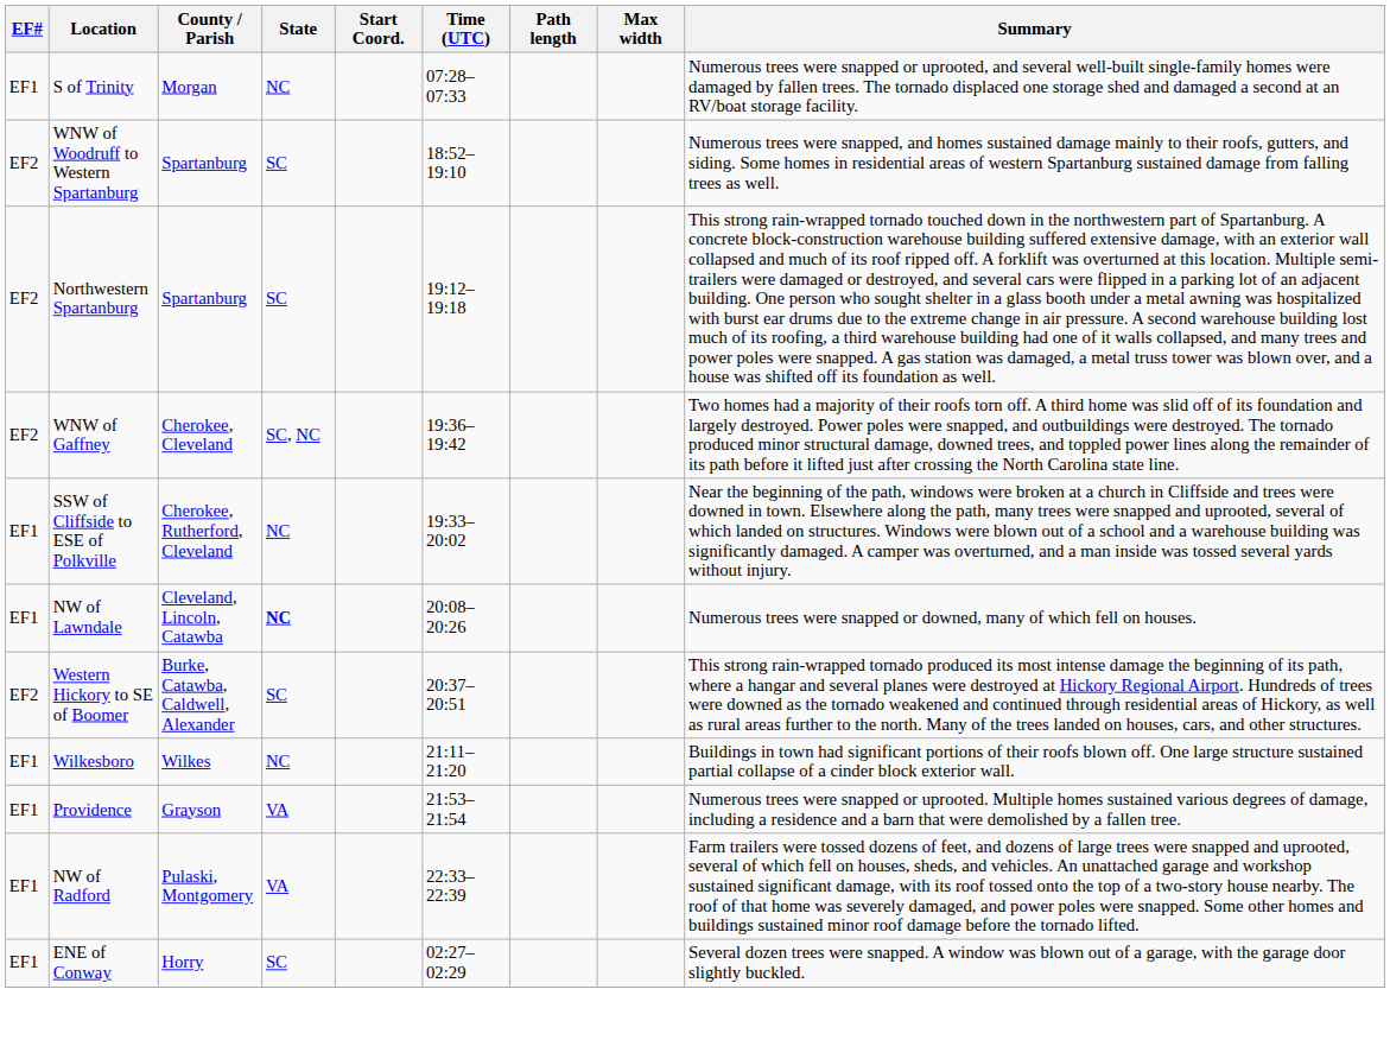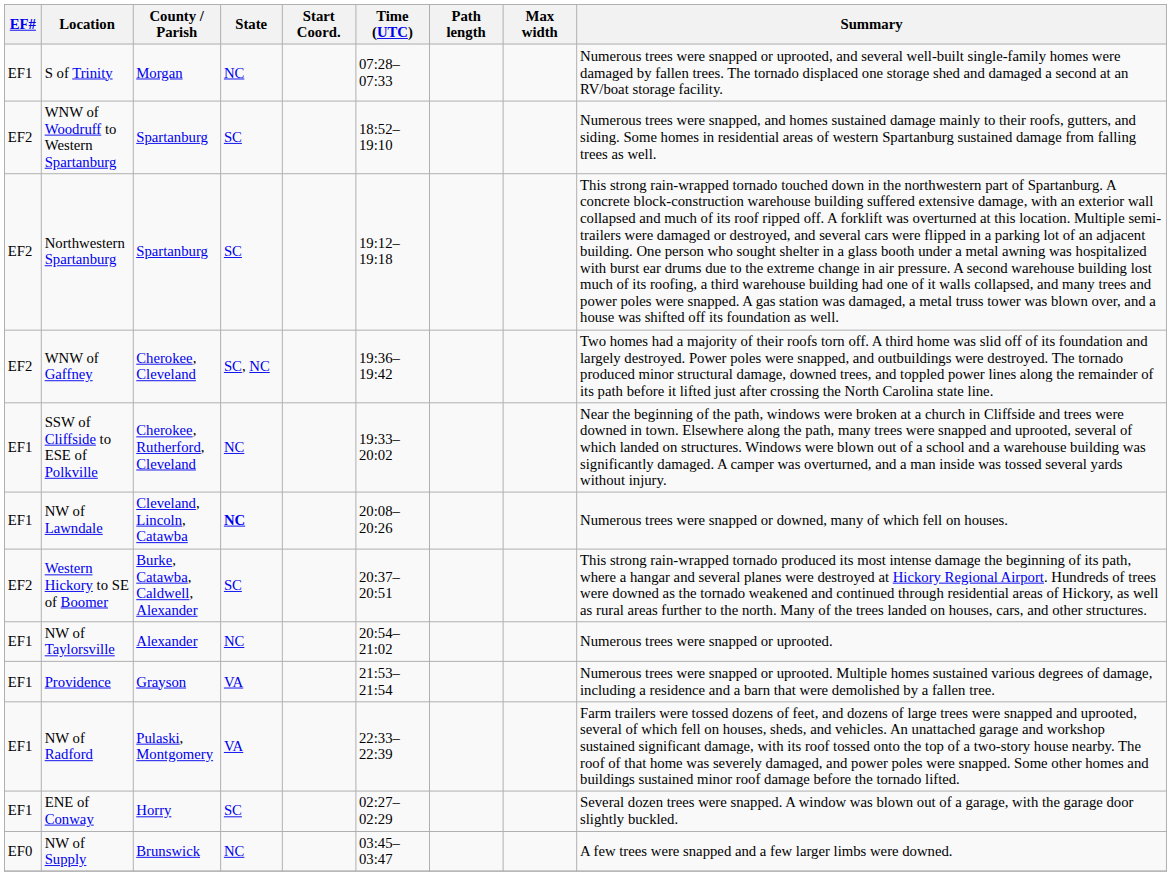 <table class="wikitable sortable" style="width:100%;">
 <tr>
 <th scope="col"  style="width:3%; text-align:center;"><a href='#'>EF#</a></th>
 <th scope="col"  style="width:7%; text-align:center;" class="unsortable">Location</th>
 <th scope="col"  style="width:6%; text-align:center;" class="unsortable">County / Parish</th>
 <th scope="col"  style="width:5%; text-align:center;">State</th>
 <th scope="col"  style="width:6%; text-align:center;">Start Coord.</th>
 <th scope="col"  style="width:6%; text-align:center;">Time (<a href='#'>UTC</a>)</th>
 <th scope="col"  style="width:6%; text-align:center;">Path length</th>
 <th scope="col"  style="width:6%; text-align:center;">Max width</th>
 <th scope="col" class="unsortable" style="width:48%; text-align:center;">Summary</th>
 </tr>
 <tr>
 <td>EF1</td>
 <td>S of <a href='#'>Trinity</a></td>
 <td><a href='#'>Morgan</a></td>
 <td><a href='#'>NC</a></td>
 <td></td>
 <td>07:28–07:33</td>
 <td></td>
 <td></td>
 <td>Numerous trees were snapped or uprooted, and several well-built single-family homes were damaged by fallen trees. The tornado displaced one storage shed and damaged a second at an RV/boat storage facility.</td>
 </tr>
 <tr>
 <td>EF2</td>
 <td>WNW of <a href='#'>Woodruff</a> to Western <a href='#'>Spartanburg</a></td>
 <td><a href='#'>Spartanburg</a></td>
 <td><a href='#'>SC</a></td>
 <td></td>
 <td>18:52–19:10</td>
 <td></td>
 <td></td>
 <td>Numerous trees were snapped, and homes sustained damage mainly to their roofs, gutters, and siding. Some homes in residential areas of western Spartanburg sustained damage from falling trees as well.</td>
 </tr>
 <tr>
 <td>EF2</td>
 <td>Northwestern <a href='#'>Spartanburg</a></td>
 <td><a href='#'>Spartanburg</a></td>
 <td><a href='#'>SC</a></td>
 <td></td>
 <td>19:12–19:18</td>
 <td></td>
 <td></td>
 <td>This strong rain-wrapped tornado touched down in the northwestern part of Spartanburg. A concrete block-construction warehouse building suffered extensive damage, with an exterior wall collapsed and much of its roof ripped off. A forklift was overturned at this location. Multiple semi-trailers were damaged or destroyed, and several cars were flipped in a parking lot of an adjacent building. One person who sought shelter in a glass booth under a metal awning was hospitalized with burst ear drums due to the extreme change in air pressure. A second warehouse building lost much of its roofing, a third warehouse building had one of it walls collapsed, and many trees and power poles were snapped. A gas station was damaged, a metal truss tower was blown over, and a house was shifted off its foundation as well.</td>
 </tr>
 <tr>
 <td>EF2</td>
 <td>WNW of <a href='#'>Gaffney</a></td>
 <td><a href='#'>Cherokee</a>, <a href='#'>Cleveland</a></td>
 <td><a href='#'>SC</a>, <a href='#'>NC</a></td>
 <td></td>
 <td>19:36–19:42</td>
 <td></td>
 <td></td>
 <td>Two homes had a majority of their roofs torn off. A third home was slid off of its foundation and largely destroyed. Power poles were snapped, and outbuildings were destroyed. The tornado produced minor structural damage, downed trees, and toppled power lines along the remainder of its path before it lifted just after crossing the North Carolina state line.</td>
 </tr>
 <tr>
 <td>EF1</td>
 <td>SSW of <a href='#'>Cliffside</a> to ESE of <a href='#'>Polkville</a></td>
 <td><a href='#'>Cherokee</a>, <a href='#'>Rutherford</a>, <a href='#'>Cleveland</a></td>
 <td><a href='#'>NC</a></td>
 <td></td>
 <td>19:33–20:02</td>
 <td></td>
 <td></td>
 <td>Near the beginning of the path, windows were broken at a church in Cliffside and trees were downed in town. Elsewhere along the path, many trees were snapped and uprooted, several of which landed on structures. Windows were blown out of a school and a warehouse building was significantly damaged. A camper was overturned, and a man inside was tossed several yards without injury.</td>
 </tr>
 <tr>
 <td>EF1</td>
 <td>NW of <a href='#'>Lawndale</a></td>
 <td><a href='#'>Cleveland</a>, <a href='#'>Lincoln</a>, <a href='#'>Catawba</a></td>
 <td><strong><a href='#'>NC</a></strong></td>
 <td></td>
 <td>20:08–20:26</td>
 <td></td>
 <td></td>
 <td>Numerous trees were snapped or downed, many of which fell on houses.<br></td>
 </tr>
 <tr>
 <td>EF2</td>
 <td><a href='#'>Western Hickory</a> to SE of <a href='#'>Boomer</a></td>
 <td><a href='#'>Burke</a>, <a href='#'>Catawba</a>, <a href='#'>Caldwell</a>, <a href='#'>Alexander</a></td>
 <td><a href='#'>SC</a></td>
 <td></td>
 <td>20:37–20:51</td>
 <td></td>
 <td></td>
 <td>This strong rain-wrapped tornado produced its most intense damage the beginning of its path, where a hangar and several planes were destroyed at <a href='#'>Hickory Regional Airport</a>. Hundreds of trees were downed as the tornado weakened and continued through residential areas of Hickory, as well as rural areas further to the north. Many of the trees landed on houses, cars, and other structures.</td>
 </tr>
 <tr>
 <td>EF1</td>
-<td><a href='#'>Wilkesboro</a></td>
-<td><a href='#'>Wilkes</a></td>
+<td>NW of <a href='#'>Taylorsville</a></td>
+<td><a href='#'>Alexander</a></td>
 <td><a href='#'>NC</a></td>
 <td></td>
-<td>21:11–21:20</td>
+<td>20:54–21:02</td>
 <td></td>
 <td></td>
-<td>Buildings in town had significant portions of their roofs blown off. One large structure sustained partial collapse of a cinder block exterior wall.</td>
+<td>Numerous trees were snapped or uprooted.</td>
 </tr>
 <tr>
 <td>EF1</td>
 <td><a href='#'>Providence</a></td>
 <td><a href='#'>Grayson</a></td>
 <td><a href='#'>VA</a></td>
 <td></td>
 <td>21:53–21:54</td>
 <td></td>
 <td></td>
 <td>Numerous trees were snapped or uprooted. Multiple homes sustained various degrees of damage, including a residence and a barn that were demolished by a fallen tree.</td>
 </tr>
 <tr>
 <td>EF1</td>
 <td>NW of <a href='#'>Radford</a></td>
 <td><a href='#'>Pulaski</a>, <a href='#'>Montgomery</a></td>
 <td><a href='#'>VA</a></td>
 <td></td>
 <td>22:33–22:39</td>
 <td></td>
 <td></td>
 <td>Farm trailers were tossed dozens of feet, and dozens of large trees were snapped and uprooted, several of which fell on houses, sheds, and vehicles. An unattached garage and workshop sustained significant damage, with its roof tossed onto the top of a two-story house nearby. The roof of that home was severely damaged, and power poles were snapped. Some other homes and buildings sustained minor roof damage before the tornado lifted.</td>
 </tr>
 <tr>
 <td>EF1</td>
 <td>ENE of <a href='#'>Conway</a></td>
 <td><a href='#'>Horry</a></td>
 <td><a href='#'>SC</a></td>
 <td></td>
 <td>02:27–02:29</td>
 <td></td>
 <td></td>
 <td>Several dozen trees were snapped. A window was blown out of a garage, with the garage door slightly buckled.</td>
 </tr>
 <tr>
+<td>EF0</td>
+<td>NW of <a href='#'>Supply</a></td>
+<td><a href='#'>Brunswick</a></td>
+<td><a href='#'>NC</a></td>
+<td></td>
+<td>03:45–03:47</td>
+<td></td>
+<td></td>
+<td>A few trees were snapped and a few larger limbs were downed.</td>
+</tr>
+<tr>
 </tr>
 </table>
